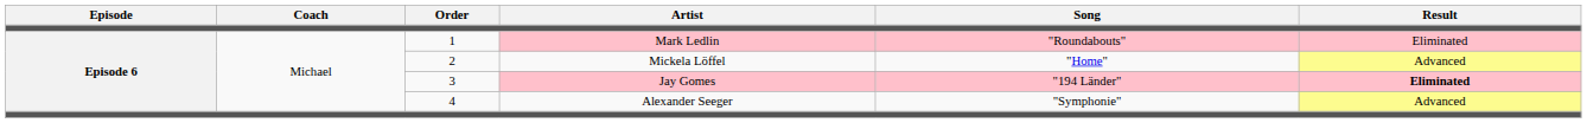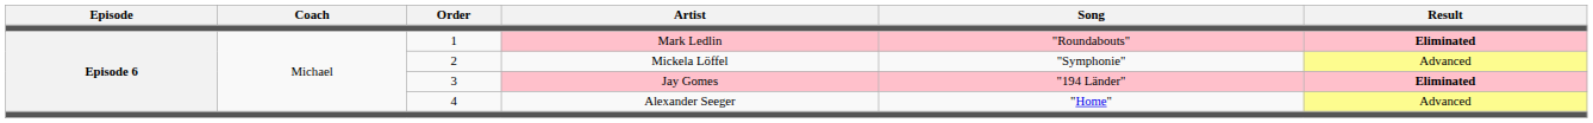 <table class="wikitable" style="text-align: center; width:100%;">
 <tr>
 <th scope="col" style="width:09%;">Episode</th>
 <th style="width:08%;">Coach</th>
 <th style="width:04%;">Order</th>
 <th style="width:16%;">Artist</th>
 <th style="width:18%;">Song</th>
 <th style="width:12%;">Result</th>
 </tr>
 <tr>
 <td colspan="6" style="background:#555;"></td>
 </tr>
 <tr>
 <th rowspan="4">Episode 6<br><small></small></th>
 <td rowspan="4" scope="row" style="text-align:center;">Michael</td>
 <td>1</td>
 <td style="background:pink;">Mark Ledlin</td>
 <td style="background:pink;">"Roundabouts"</td>
-<td style="background:pink;">Eliminated</td>
+<td style="background:pink;"><strong>Eliminated</strong></td>
 </tr>
 <tr>
 <td>2</td>
 <td>Mickela Löffel</td>
-<td>"<a href='#'>Home</a>"</td>
+<td>"Symphonie"</td>
 <td style="background:#fdfc8f;">Advanced</td>
 </tr>
 <tr>
 <td>3</td>
 <td style="background:pink;">Jay Gomes</td>
 <td style="background:pink;">"194 Länder"</td>
 <td style="background:pink;"><strong>Eliminated</strong></td>
 </tr>
 <tr>
 <td>4</td>
 <td>Alexander Seeger</td>
-<td>"Symphonie"</td>
+<td>"<a href='#'>Home</a>"</td>
 <td style="background:#fdfc8f;">Advanced</td>
 </tr>
 <tr>
 <td colspan="6" style="background:#555;"></td>
 </tr>
 <tr>
 </tr>
 </table>
